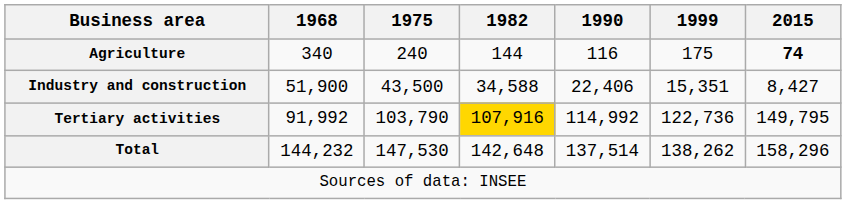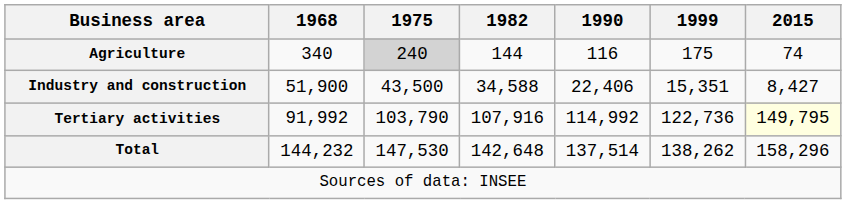 <table class="wikitable" style="margin:1em auto; font-size:90%; width:90%; border:0; text-align:center; line-height:120%;">
 <tr>
 <th style=" height:17px;">Business area</th>
 <th>1968</th>
 <th>1975</th>
 <th>1982</th>
 <th>1990</th>
 <th>1999</th>
 <th>2015</th>
 </tr>
 <tr>
 <th style=" height:16px;"><small>Agriculture</small></th>
 <td>340</td>
-<td>240</td>
+<td style="background: lightgrey;">240</td>
 <td>144</td>
 <td>116</td>
 <td>175</td>
-<td><strong>74</strong></td>
+<td>74</td>
 </tr>
 <tr>
 <th style=" height:16px;"><small>Industry and construction</small></th>
 <td>51,900</td>
 <td>43,500</td>
 <td>34,588</td>
 <td>22,406</td>
 <td>15,351</td>
 <td>8,427</td>
 </tr>
 <tr>
 <th style=" height:16px;"><small>Tertiary activities</small></th>
 <td>91,992</td>
 <td>103,790</td>
-<td style="background: gold;">107,916</td>
+<td>107,916</td>
 <td>114,992</td>
 <td>122,736</td>
-<td>149,795</td>
+<td style="background: lightyellow;">149,795</td>
 </tr>
 <tr>
 <th style=" height:16px;"><small>Total</small></th>
 <td>144,232</td>
 <td>147,530</td>
 <td>142,648</td>
 <td>137,514</td>
 <td>138,262</td>
 <td>158,296</td>
 </tr>
 <tr>
 <td colspan="7" style="font-size:90%;">Sources of data: INSEE<small></small></td>
 </tr>
 </table>
